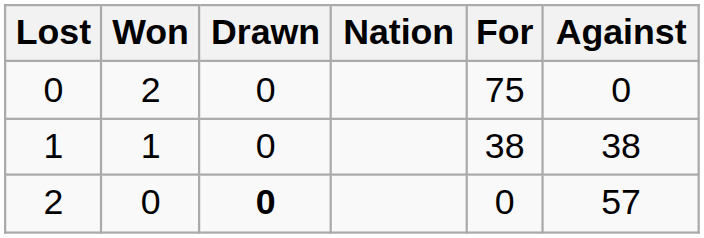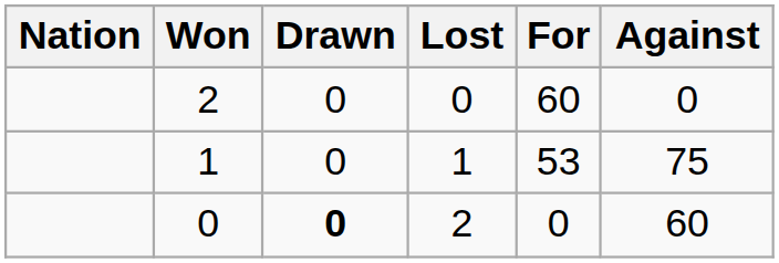 <table class="wikitable" style="text-align: center; width:50%">
 <tr>
-<th>Lost</th>
+<th>Nation</th>
 <th>Won</th>
 <th>Drawn</th>
-<th>Nation</th>
+<th>Lost</th>
 <th>For</th>
 <th>Against</th>
 </tr>
 <tr>
-<td>0</td>
+<td align=left></td>
 <td>2</td>
 <td>0</td>
-<td align=left></td>
-<td>75</td>
+<td>0</td>
+<td>60</td>
 <td>0</td>
 </tr>
 <tr>
-<td>1</td>
+<td align=left></td>
 <td>1</td>
 <td>0</td>
-<td align=left></td>
-<td>38</td>
-<td>38</td>
+<td>1</td>
+<td>53</td>
+<td>75</td>
 </tr>
 <tr>
+<td align=left></td>
+<td>0</td>
+<td><strong>0</strong></td>
 <td>2</td>
 <td>0</td>
-<td><strong>0</strong></td>
-<td align=left></td>
-<td>0</td>
-<td>57</td>
+<td>60</td>
 </tr>
 </table>
